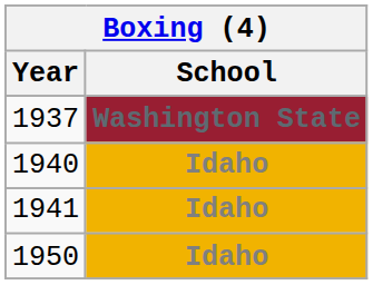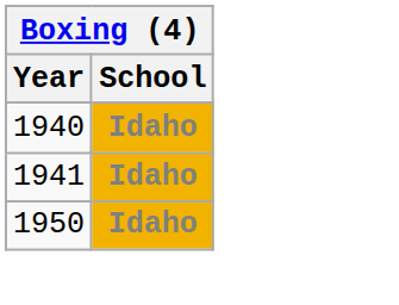 <table class="wikitable">
 <tr>
 <th colspan=2><a href='#'>Boxing</a> (4)</th>
 </tr>
 <tr>
 <th>Year</th>
 <th>School</th>
-</tr>
-<tr>
-<td>1937</td>
-<th style="background:#981E32; color:#5E6A71;">Washington State</th>
 </tr>
 <tr>
 <td>1940</td>
 <th style="background:#F1B300; color:#808080;">Idaho</th>
 </tr>
 <tr>
 <td>1941</td>
 <th style="background:#F1B300; color:#808080;">Idaho</th>
 </tr>
 <tr>
 <td>1950</td>
 <th style="background:#F1B300; color:#808080;">Idaho</th>
 </tr>
 </table>
